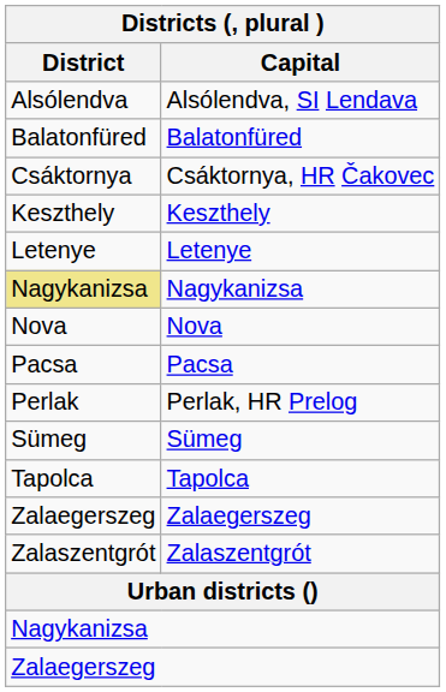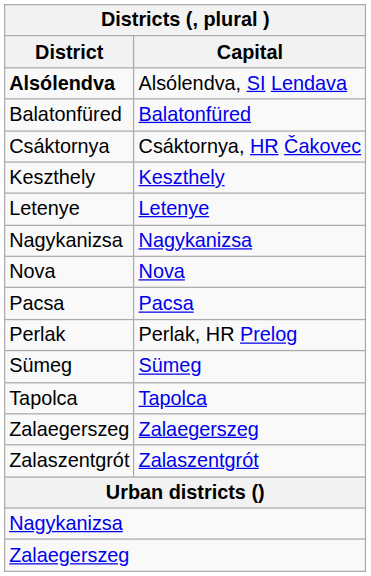 <table class="wikitable">
 <tr>
 <th colspan=2>Districts (, plural )</th>
 </tr>
 <tr>
 <th>District</th>
 <th>Capital</th>
 </tr>
 <tr>
-<td>Alsólendva</td>
+<td><strong>Alsólendva</strong></td>
 <td>Alsólendva, <a href='#'>SI</a> <a href='#'>Lendava</a></td>
 </tr>
 <tr>
 <td>Balatonfüred</td>
 <td><a href='#'>Balatonfüred</a></td>
 </tr>
 <tr>
 <td>Csáktornya</td>
 <td>Csáktornya, <a href='#'>HR</a> <a href='#'>Čakovec</a></td>
 </tr>
 <tr>
 <td>Keszthely</td>
 <td><a href='#'>Keszthely</a></td>
 </tr>
 <tr>
 <td>Letenye</td>
 <td><a href='#'>Letenye</a></td>
 </tr>
 <tr>
-<td style="background: khaki;">Nagykanizsa</td>
+<td>Nagykanizsa</td>
 <td><a href='#'>Nagykanizsa</a></td>
 </tr>
 <tr>
 <td>Nova</td>
 <td><a href='#'>Nova</a></td>
 </tr>
 <tr>
 <td>Pacsa</td>
 <td><a href='#'>Pacsa</a></td>
 </tr>
 <tr>
 <td>Perlak</td>
 <td>Perlak, HR <a href='#'>Prelog</a></td>
 </tr>
 <tr>
 <td>Sümeg</td>
 <td><a href='#'>Sümeg</a></td>
 </tr>
 <tr>
 <td>Tapolca</td>
 <td><a href='#'>Tapolca</a></td>
 </tr>
 <tr>
 <td>Zalaegerszeg</td>
 <td><a href='#'>Zalaegerszeg</a></td>
 </tr>
 <tr>
 <td>Zalaszentgrót</td>
 <td><a href='#'>Zalaszentgrót</a></td>
 </tr>
 <tr>
 <th colspan=2>Urban districts ()</th>
 </tr>
 <tr>
 <td colspan=2><a href='#'>Nagykanizsa</a></td>
 </tr>
 <tr>
 <td colspan=2><a href='#'>Zalaegerszeg</a></td>
 </tr>
 </table>
